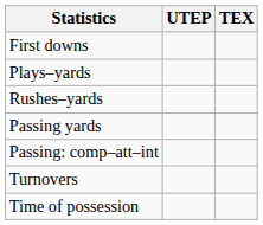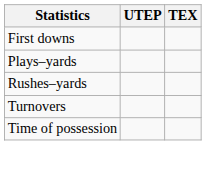 <table class="wikitable" style="float:left">
 <tr>
 <th>Statistics</th>
 <th>UTEP</th>
 <th>TEX</th>
 </tr>
 <tr>
 <td>First downs</td>
 <td></td>
 <td></td>
 </tr>
 <tr>
 <td>Plays–yards</td>
 <td></td>
 <td></td>
 </tr>
 <tr>
 <td>Rushes–yards</td>
 <td></td>
 <td></td>
 </tr>
 <tr>
-<td>Passing yards</td>
-<td></td>
-<td></td>
-</tr>
-<tr>
-<td>Passing: comp–att–int</td>
-<td></td>
-<td></td>
-</tr>
-<tr>
 <td>Turnovers</td>
 <td></td>
 <td></td>
 </tr>
 <tr>
 <td>Time of possession</td>
 <td></td>
 <td></td>
 </tr>
 </table>
